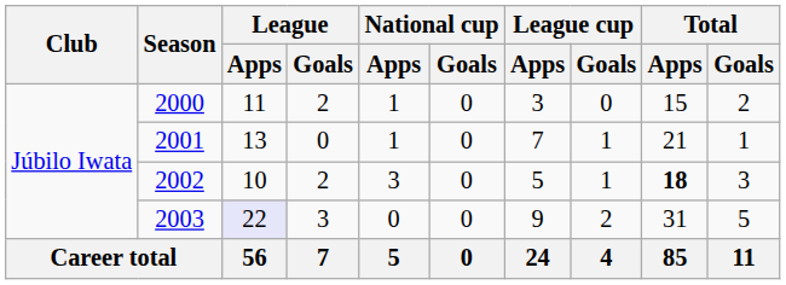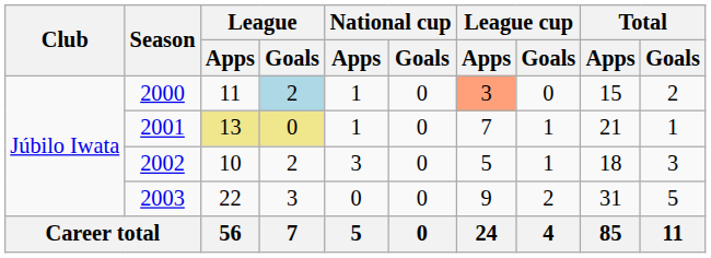 <table class="wikitable" style="text-align:center">
 <tr>
 <th rowspan="2">Club</th>
 <th rowspan="2">Season</th>
 <th colspan="2">League</th>
 <th colspan="2">National cup</th>
 <th colspan="2">League cup</th>
 <th colspan="2">Total</th>
 </tr>
 <tr>
 <th>Apps</th>
 <th>Goals</th>
 <th>Apps</th>
 <th>Goals</th>
 <th>Apps</th>
 <th>Goals</th>
 <th>Apps</th>
 <th>Goals</th>
 </tr>
 <tr>
 <td rowspan="4"><a href='#'>Júbilo Iwata</a></td>
 <td><a href='#'>2000</a></td>
 <td>11</td>
-<td>2</td>
+<td style="background: lightblue;">2</td>
 <td>1</td>
 <td>0</td>
-<td>3</td>
+<td style="background: lightsalmon;">3</td>
 <td>0</td>
 <td>15</td>
 <td>2</td>
 </tr>
 <tr>
 <td><a href='#'>2001</a></td>
-<td>13</td>
-<td>0</td>
+<td style="background: khaki;">13</td>
+<td style="background: khaki;">0</td>
 <td>1</td>
 <td>0</td>
 <td>7</td>
 <td>1</td>
 <td>21</td>
 <td>1</td>
 </tr>
 <tr>
 <td><a href='#'>2002</a></td>
 <td>10</td>
 <td>2</td>
 <td>3</td>
 <td>0</td>
 <td>5</td>
 <td>1</td>
-<td><strong>18</strong></td>
+<td>18</td>
 <td>3</td>
 </tr>
 <tr>
 <td><a href='#'>2003</a></td>
-<td style="background: lavender;">22</td>
+<td>22</td>
 <td>3</td>
 <td>0</td>
 <td>0</td>
 <td>9</td>
 <td>2</td>
 <td>31</td>
 <td>5</td>
 </tr>
 <tr>
 <th colspan="2">Career total</th>
 <th>56</th>
 <th>7</th>
 <th>5</th>
 <th>0</th>
 <th>24</th>
 <th>4</th>
 <th>85</th>
 <th>11</th>
 </tr>
 </table>
